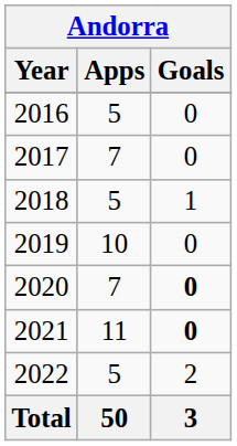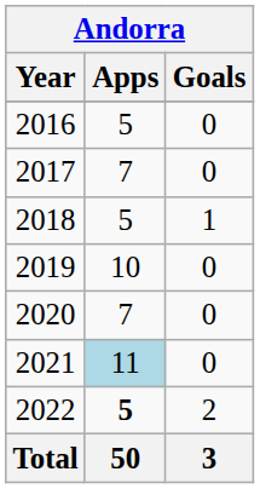 <table class="wikitable" style="text-align:center">
 <tr>
 <th colspan=3><a href='#'>Andorra</a></th>
 </tr>
 <tr>
 <th>Year</th>
 <th>Apps</th>
 <th>Goals</th>
 </tr>
 <tr>
 </tr>
 <tr>
 <td>2016</td>
 <td>5</td>
 <td>0</td>
 </tr>
 <tr>
 <td>2017</td>
 <td>7</td>
 <td>0</td>
 </tr>
 <tr>
 <td>2018</td>
 <td>5</td>
 <td>1</td>
 </tr>
 <tr>
 <td>2019</td>
 <td>10</td>
 <td>0</td>
 </tr>
 <tr>
 <td>2020</td>
 <td>7</td>
-<td><strong>0</strong></td>
+<td>0</td>
 </tr>
 <tr>
 <td>2021</td>
-<td>11</td>
-<td><strong>0</strong></td>
+<td style="background: lightblue;">11</td>
+<td>0</td>
 </tr>
 <tr>
 <td>2022</td>
-<td>5</td>
+<td><strong>5</strong></td>
 <td>2</td>
 </tr>
 <tr>
 <th>Total</th>
 <th>50</th>
 <th>3</th>
 </tr>
 </table>
